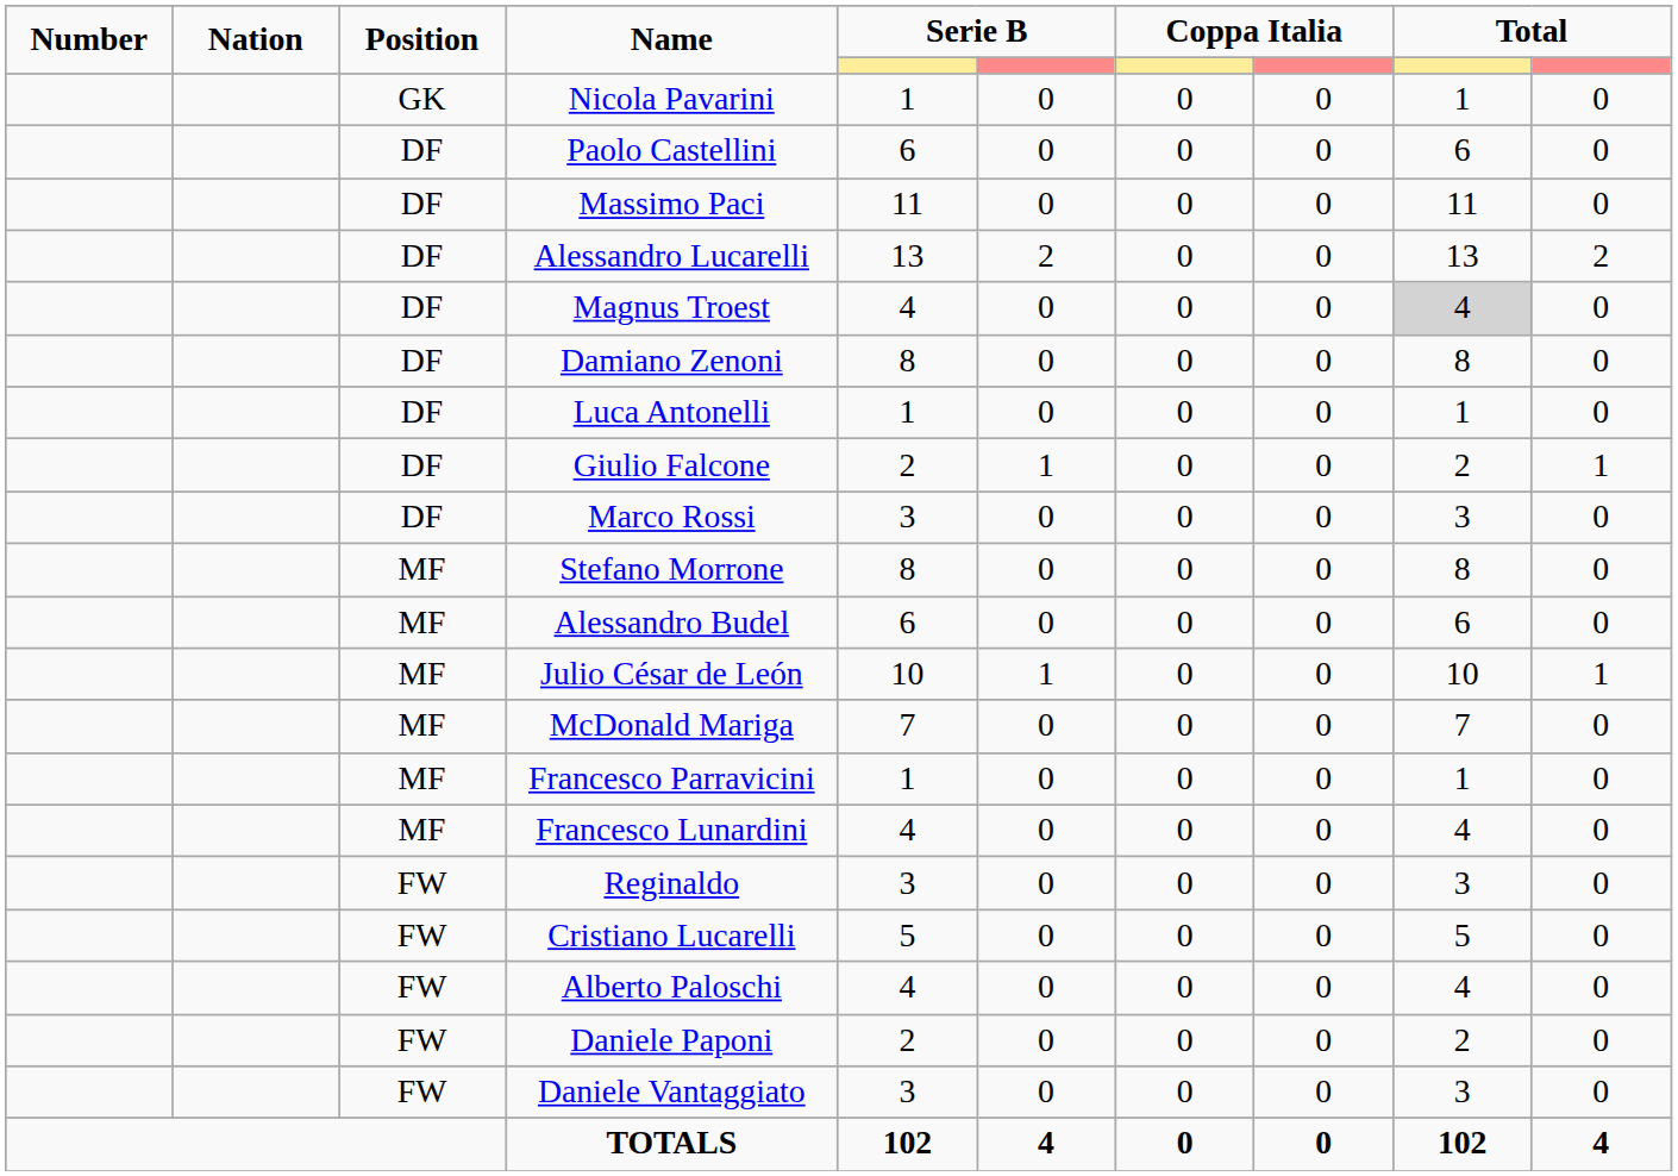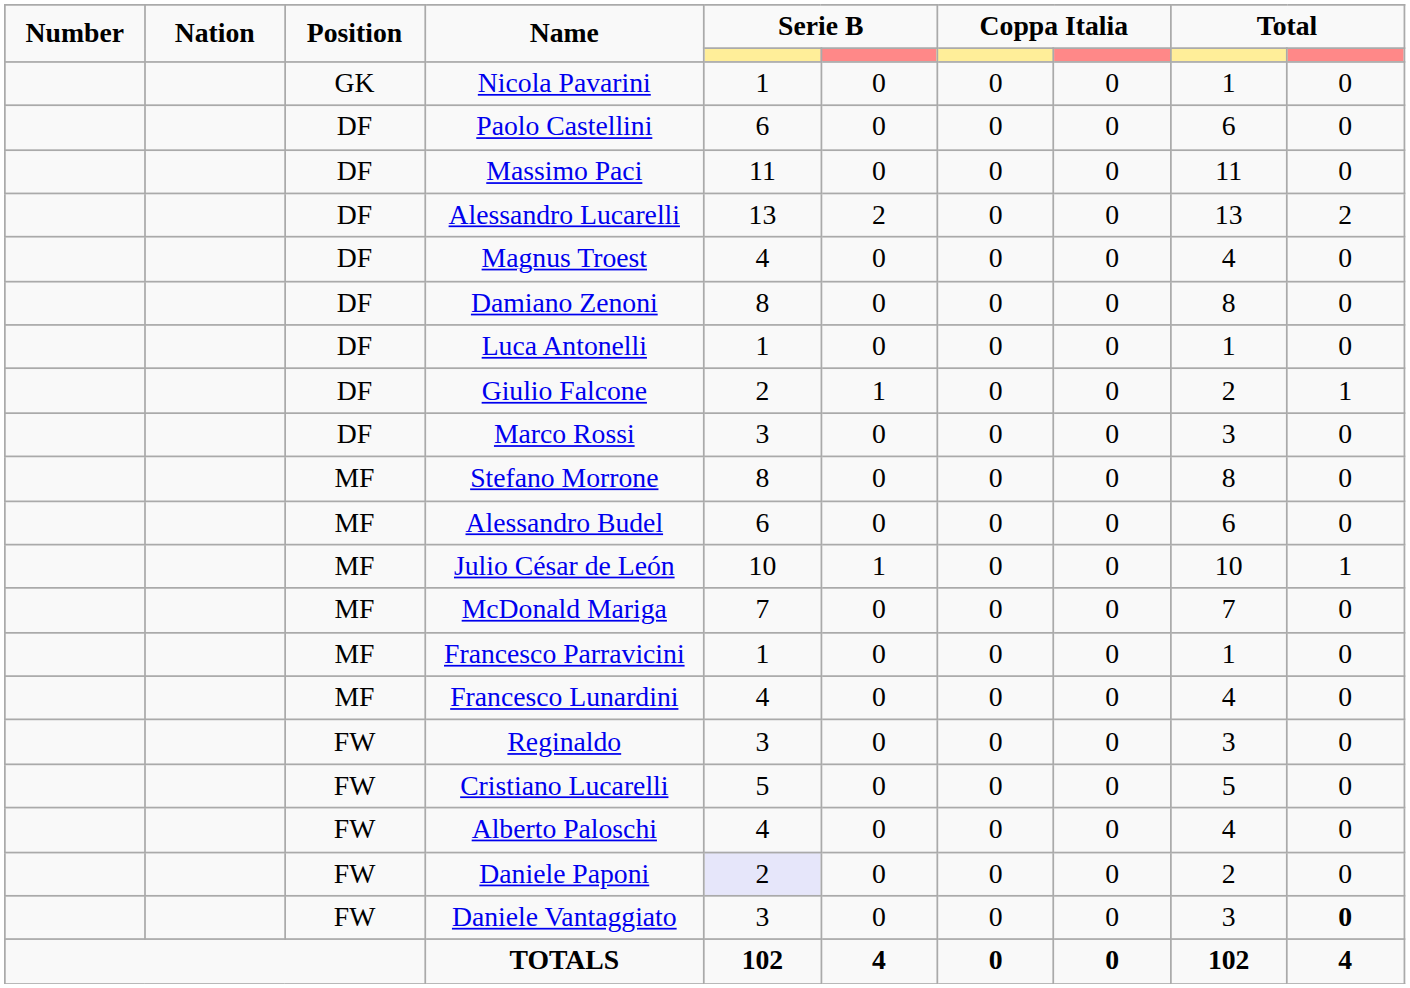 <table class="wikitable" style="font-size: 100%; text-align: center;">
 <tr>
 <td rowspan="2" width="10%" align="center"><strong>Number</strong></td>
 <td rowspan="2" width="10%" align="center"><strong>Nation</strong></td>
 <td rowspan="2" width="10%" align="center"><strong>Position</strong></td>
 <td rowspan="2" width="20%" align="center"><strong>Name</strong></td>
 <td colspan="2" align="center"><strong>Serie B</strong></td>
 <td colspan="2" align="center"><strong>Coppa Italia</strong></td>
 <td colspan="2" align="center"><strong>Total</strong></td>
 </tr>
 <tr>
 <th width=60 style="background: #FFEE99"></th>
 <th width=60 style="background: #FF8888"></th>
 <th width=60 style="background: #FFEE99"></th>
 <th width=60 style="background: #FF8888"></th>
 <th width=60 style="background: #FFEE99"></th>
 <th width=60 style="background: #FF8888"></th>
 </tr>
 <tr>
 <td></td>
 <td></td>
 <td>GK</td>
 <td><a href='#'>Nicola Pavarini</a></td>
 <td>1</td>
 <td>0</td>
 <td>0</td>
 <td>0</td>
 <td>1</td>
 <td>0</td>
 </tr>
 <tr>
 <td></td>
 <td></td>
 <td>DF</td>
 <td><a href='#'>Paolo Castellini</a></td>
 <td>6</td>
 <td>0</td>
 <td>0</td>
 <td>0</td>
 <td>6</td>
 <td>0</td>
 </tr>
 <tr>
 <td></td>
 <td></td>
 <td>DF</td>
 <td><a href='#'>Massimo Paci</a></td>
 <td>11</td>
 <td>0</td>
 <td>0</td>
 <td>0</td>
 <td>11</td>
 <td>0</td>
 </tr>
 <tr>
 <td></td>
 <td></td>
 <td>DF</td>
 <td><a href='#'>Alessandro Lucarelli</a></td>
 <td>13</td>
 <td>2</td>
 <td>0</td>
 <td>0</td>
 <td>13</td>
 <td>2</td>
 </tr>
 <tr>
 <td></td>
 <td></td>
 <td>DF</td>
 <td><a href='#'>Magnus Troest</a></td>
 <td>4</td>
 <td>0</td>
 <td>0</td>
 <td>0</td>
-<td style="background: lightgrey;">4</td>
+<td>4</td>
 <td>0</td>
 </tr>
 <tr>
 <td></td>
 <td></td>
 <td>DF</td>
 <td><a href='#'>Damiano Zenoni</a></td>
 <td>8</td>
 <td>0</td>
 <td>0</td>
 <td>0</td>
 <td>8</td>
 <td>0</td>
 </tr>
 <tr>
 <td></td>
 <td></td>
 <td>DF</td>
 <td><a href='#'>Luca Antonelli</a></td>
 <td>1</td>
 <td>0</td>
 <td>0</td>
 <td>0</td>
 <td>1</td>
 <td>0</td>
 </tr>
 <tr>
 <td></td>
 <td></td>
 <td>DF</td>
 <td><a href='#'>Giulio Falcone</a></td>
 <td>2</td>
 <td>1</td>
 <td>0</td>
 <td>0</td>
 <td>2</td>
 <td>1</td>
 </tr>
 <tr>
 <td></td>
 <td></td>
 <td>DF</td>
 <td><a href='#'>Marco Rossi</a></td>
 <td>3</td>
 <td>0</td>
 <td>0</td>
 <td>0</td>
 <td>3</td>
 <td>0</td>
 </tr>
 <tr>
 <td></td>
 <td></td>
 <td>MF</td>
 <td><a href='#'>Stefano Morrone</a></td>
 <td>8</td>
 <td>0</td>
 <td>0</td>
 <td>0</td>
 <td>8</td>
 <td>0</td>
 </tr>
 <tr>
 <td></td>
 <td></td>
 <td>MF</td>
 <td><a href='#'>Alessandro Budel</a></td>
 <td>6</td>
 <td>0</td>
 <td>0</td>
 <td>0</td>
 <td>6</td>
 <td>0</td>
 </tr>
 <tr>
 <td></td>
 <td></td>
 <td>MF</td>
 <td><a href='#'>Julio César de León</a></td>
 <td>10</td>
 <td>1</td>
 <td>0</td>
 <td>0</td>
 <td>10</td>
 <td>1</td>
 </tr>
 <tr>
 <td></td>
 <td></td>
 <td>MF</td>
 <td><a href='#'>McDonald Mariga</a></td>
 <td>7</td>
 <td>0</td>
 <td>0</td>
 <td>0</td>
 <td>7</td>
 <td>0</td>
 </tr>
 <tr>
 <td></td>
 <td></td>
 <td>MF</td>
 <td><a href='#'>Francesco Parravicini</a></td>
 <td>1</td>
 <td>0</td>
 <td>0</td>
 <td>0</td>
 <td>1</td>
 <td>0</td>
 </tr>
 <tr>
 <td></td>
 <td></td>
 <td>MF</td>
 <td><a href='#'>Francesco Lunardini</a></td>
 <td>4</td>
 <td>0</td>
 <td>0</td>
 <td>0</td>
 <td>4</td>
 <td>0</td>
 </tr>
 <tr>
 <td></td>
 <td></td>
 <td>FW</td>
 <td><a href='#'>Reginaldo</a></td>
 <td>3</td>
 <td>0</td>
 <td>0</td>
 <td>0</td>
 <td>3</td>
 <td>0</td>
 </tr>
 <tr>
 <td></td>
 <td></td>
 <td>FW</td>
 <td><a href='#'>Cristiano Lucarelli</a></td>
 <td>5</td>
 <td>0</td>
 <td>0</td>
 <td>0</td>
 <td>5</td>
 <td>0</td>
 </tr>
 <tr>
 <td></td>
 <td></td>
 <td>FW</td>
 <td><a href='#'>Alberto Paloschi</a></td>
 <td>4</td>
 <td>0</td>
 <td>0</td>
 <td>0</td>
 <td>4</td>
 <td>0</td>
 </tr>
 <tr>
 <td></td>
 <td></td>
 <td>FW</td>
 <td><a href='#'>Daniele Paponi</a></td>
-<td>2</td>
+<td style="background: lavender;">2</td>
 <td>0</td>
 <td>0</td>
 <td>0</td>
 <td>2</td>
 <td>0</td>
 </tr>
 <tr>
 <td></td>
 <td></td>
 <td>FW</td>
 <td><a href='#'>Daniele Vantaggiato</a></td>
 <td>3</td>
 <td>0</td>
 <td>0</td>
 <td>0</td>
 <td>3</td>
-<td>0</td>
+<td><strong>0</strong></td>
 </tr>
 <tr>
 <td colspan="3"></td>
 <td><strong>TOTALS</strong></td>
 <td><strong>102</strong></td>
 <td><strong>4</strong></td>
 <td><strong>0</strong></td>
 <td><strong>0</strong></td>
 <td><strong>102</strong></td>
 <td><strong>4</strong></td>
 </tr>
 </table>
